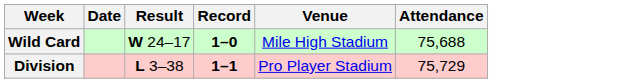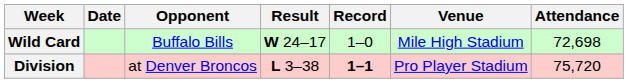 <table class="wikitable" style="text-align:center">
 <tr>
 <th>Week</th>
 <th>Date</th>
+<th>Opponent</th>
 <th>Result</th>
 <th>Record</th>
 <th>Venue</th>
 <th>Attendance</th>
 </tr>
 <tr style="background:#cfc">
 <th>Wild Card</th>
 <td></td>
+<td><a href='#'>Buffalo Bills</a></td>
 <td><strong>W</strong> 24–17</td>
-<td><strong>1–0</strong></td>
+<td>1–0</td>
 <td><a href='#'>Mile High Stadium</a></td>
-<td>75,688</td>
+<td>72,698</td>
 </tr>
 <tr style="background:#fcc">
 <th>Division</th>
 <td></td>
+<td>at <a href='#'>Denver Broncos</a></td>
 <td><strong>L</strong> 3–38</td>
 <td><strong>1–1</strong></td>
 <td><a href='#'>Pro Player Stadium</a></td>
-<td>75,729</td>
+<td>75,720</td>
 </tr>
 </table>
